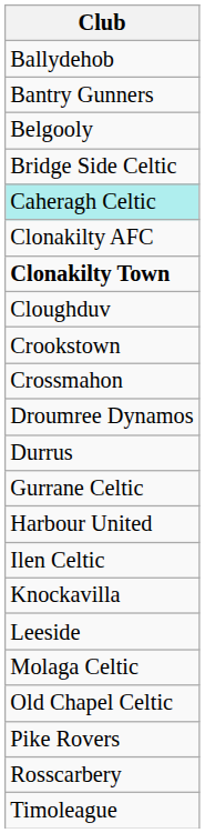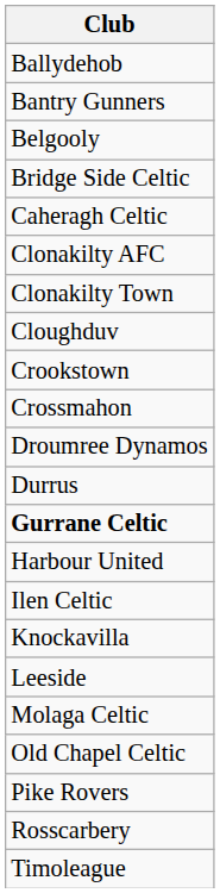 <table class="wikitable collapsible">
 <tr>
 <th>Club</th>
 </tr>
 <tr 15B.C>
 <td>Ballydehob</td>
 </tr>
 <tr>
 <td>Bantry Gunners</td>
 </tr>
 <tr>
 <td>Belgooly</td>
 </tr>
 <tr>
 <td>Bridge Side Celtic</td>
 </tr>
 <tr>
-<td style="background: paleturquoise;">Caheragh Celtic</td>
+<td>Caheragh Celtic</td>
 </tr>
 <tr>
 <td>Clonakilty AFC</td>
 </tr>
 <tr>
-<td><strong>Clonakilty Town</strong></td>
+<td>Clonakilty Town</td>
 </tr>
 <tr>
 <td>Cloughduv</td>
 </tr>
 <tr>
 <td>Crookstown</td>
 </tr>
 <tr>
 <td>Crossmahon</td>
 </tr>
 <tr>
 <td>Droumree Dynamos</td>
 </tr>
 <tr>
 <td>Durrus</td>
 </tr>
 <tr>
-<td>Gurrane Celtic</td>
+<td><strong>Gurrane Celtic</strong></td>
 </tr>
 <tr>
 <td>Harbour United</td>
 </tr>
 <tr>
 <td>Ilen Celtic</td>
 </tr>
 <tr>
 <td>Knockavilla</td>
 </tr>
 <tr>
 <td>Leeside</td>
 </tr>
 <tr>
 <td>Molaga Celtic</td>
 </tr>
 <tr>
 <td>Old Chapel Celtic</td>
 </tr>
 <tr>
 <td>Pike Rovers</td>
 </tr>
 <tr>
 <td>Rosscarbery</td>
 </tr>
 <tr>
 <td>Timoleague</td>
 </tr>
 </table>
